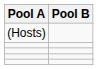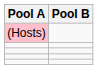 <table class="wikitable">
 <tr>
 <th width=50%>Pool A</th>
 <th width=50%>Pool B</th>
 </tr>
 <tr>
-<td> (Hosts)</td>
+<td style="background: pink;"> (Hosts)</td>
 <td></td>
 </tr>
 <tr>
 <td></td>
 <td></td>
 </tr>
 <tr>
 <td></td>
 <td></td>
 </tr>
 <tr>
 <td></td>
 <td></td>
 </tr>
 <tr>
 <td></td>
 <td></td>
 </tr>
 </table>
